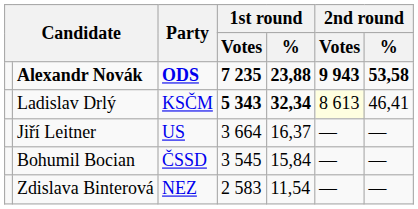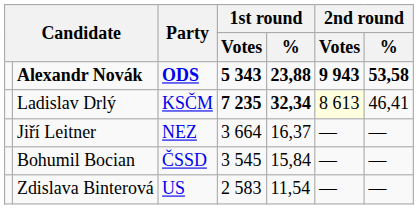 <table class="wikitable sortable">
 <tr>
 <th colspan="2" rowspan="2">Candidate</th>
 <th rowspan="2">Party</th>
 <th colspan="2">1st round</th>
 <th colspan="2">2nd round</th>
 </tr>
 <tr>
 <th>Votes</th>
 <th>%</th>
 <th>Votes</th>
 <th>%</th>
 </tr>
 <tr>
 <td style="background-color:"></td>
 <td><strong>Alexandr Novák</strong></td>
 <td><a href='#'><strong>ODS</strong></a></td>
-<td><strong>7 235</strong></td>
+<td><strong>5 343</strong></td>
 <td><strong>23,88</strong></td>
 <td><strong>9 943</strong></td>
 <td><strong>53,58</strong></td>
 </tr>
 <tr>
 <td style="background-color:"></td>
 <td>Ladislav Drlý</td>
 <td><a href='#'>KSČM</a></td>
-<td><strong>5 343</strong></td>
+<td><strong>7 235</strong></td>
 <td><strong>32,34</strong></td>
 <td style="background: lightyellow;">8 613</td>
 <td>46,41</td>
 </tr>
 <tr>
 <td style="background-color:"></td>
 <td>Jiří Leitner</td>
-<td><a href='#'>US</a></td>
+<td><a href='#'>NEZ</a></td>
 <td>3 664</td>
 <td>16,37</td>
 <td>—</td>
 <td>—</td>
 </tr>
 <tr>
 <td style="background-color:"></td>
 <td>Bohumil Bocian</td>
 <td><a href='#'>ČSSD</a></td>
 <td>3 545</td>
 <td>15,84</td>
 <td>—</td>
 <td>—</td>
 </tr>
 <tr>
 <td style="background-color:"></td>
 <td>Zdislava Binterová</td>
-<td><a href='#'>NEZ</a></td>
+<td><a href='#'>US</a></td>
 <td>2 583</td>
 <td>11,54</td>
 <td>—</td>
 <td>—</td>
 </tr>
 </table>
